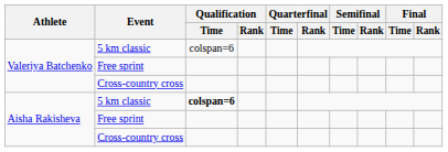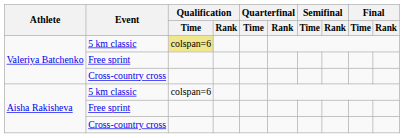 <table class="wikitable" style="font-size:90%">
 <tr>
 <th rowspan="2">Athlete</th>
 <th rowspan="2">Event</th>
 <th colspan="2">Qualification</th>
 <th colspan="2">Quarterfinal</th>
 <th colspan="2">Semifinal</th>
 <th colspan="2">Final</th>
 </tr>
 <tr style="font-size:95%">
 <th>Time</th>
 <th>Rank</th>
 <th>Time</th>
 <th>Rank</th>
 <th>Time</th>
 <th>Rank</th>
 <th>Time</th>
 <th>Rank</th>
 </tr>
 <tr align=center>
 <td align=left rowspan=3><a href='#'>Valeriya Batchenko</a></td>
 <td align=left><a href='#'>5 km classic</a></td>
-<td>colspan=6 </td>
+<td style="background: khaki;">colspan=6 </td>
 <td></td>
 <td></td>
 </tr>
 <tr align=center>
 <td align=left><a href='#'>Free sprint</a></td>
 <td></td>
 <td></td>
 <td></td>
 <td></td>
 <td></td>
 <td></td>
 <td></td>
 <td></td>
 </tr>
 <tr align=center>
 <td align=left><a href='#'>Cross-country cross</a></td>
 <td></td>
 <td></td>
 <td></td>
 <td></td>
 <td></td>
 <td></td>
 <td></td>
 <td></td>
 </tr>
 <tr align=center>
 <td align=left rowspan=3><a href='#'>Aisha Rakisheva</a></td>
 <td align=left><a href='#'>5 km classic</a></td>
-<td><strong>colspan=6 </strong></td>
+<td>colspan=6 </td>
 <td></td>
 <td></td>
 </tr>
 <tr align=center>
 <td align=left><a href='#'>Free sprint</a></td>
 <td></td>
 <td></td>
 <td></td>
 <td></td>
 <td></td>
 <td></td>
 <td></td>
 <td></td>
 </tr>
 <tr align=center>
 <td align=left><a href='#'>Cross-country cross</a></td>
 <td></td>
 <td></td>
 <td></td>
 <td></td>
 <td></td>
 <td></td>
 <td></td>
 <td></td>
 </tr>
 </table>
